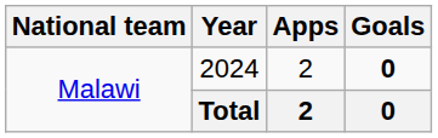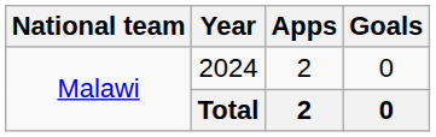 <table class=wikitable style=text-align:center>
 <tr>
 <th>National team</th>
 <th>Year</th>
 <th>Apps</th>
 <th>Goals</th>
 </tr>
 <tr>
 <td rowspan="2"><a href='#'>Malawi</a></td>
 <td>2024</td>
 <td>2</td>
-<td><strong>0</strong></td>
+<td>0</td>
 </tr>
 <tr>
 <th colspan="1">Total</th>
 <th>2</th>
 <th>0</th>
 </tr>
 </table>
